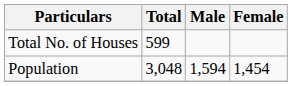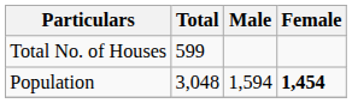 <table class="wikitable sortable">
 <tr>
 <th>Particulars</th>
 <th>Total</th>
 <th>Male</th>
 <th>Female</th>
 </tr>
 <tr>
 <td>Total No. of Houses</td>
 <td>599</td>
 <td></td>
 <td></td>
 </tr>
 <tr>
 <td>Population</td>
 <td>3,048</td>
 <td>1,594</td>
-<td>1,454</td>
+<td><strong>1,454</strong></td>
 </tr>
 <tr>
 </tr>
 </table>
